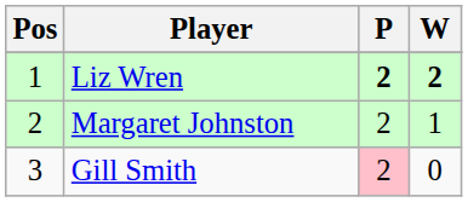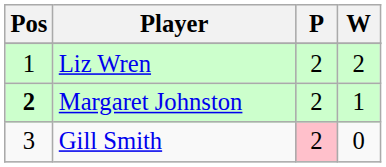 <table class="wikitable">
 <tr>
 <th width=20>Pos</th>
 <th width=150>Player</th>
 <th width=20>P</th>
 <th width=20>W</th>
 </tr>
 <tr>
 </tr>
 <tr align=center style="background: #ccffcc;">
 <td>1</td>
 <td align="left"> <a href='#'>Liz Wren</a></td>
-<td><strong>2</strong></td>
-<td><strong>2</strong></td>
+<td>2</td>
+<td>2</td>
 </tr>
 <tr align=center style="background: #ccffcc;">
-<td>2</td>
+<td><strong>2</strong></td>
 <td align="left"> <a href='#'>Margaret Johnston</a></td>
 <td>2</td>
 <td>1</td>
 </tr>
 <tr align=center>
 <td>3</td>
 <td align="left"> <a href='#'>Gill Smith</a></td>
 <td style="background: pink;">2</td>
 <td>0</td>
 </tr>
 </table>
